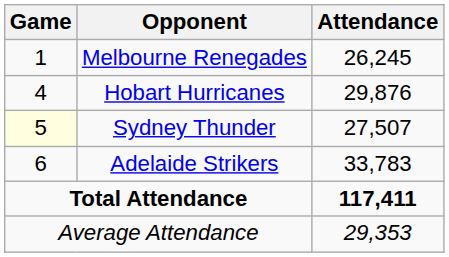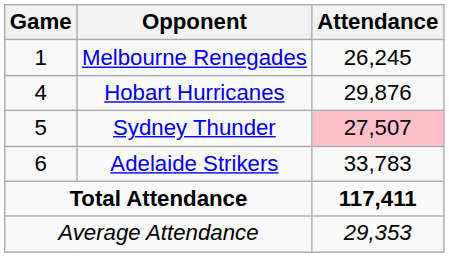 <table class="wikitable sortable" style="text-align:center;">
 <tr>
 <th>Game</th>
 <th>Opponent</th>
 <th>Attendance</th>
 </tr>
 <tr>
 <td>1</td>
 <td><a href='#'>Melbourne Renegades</a></td>
 <td>26,245</td>
 </tr>
 <tr>
 <td>4</td>
 <td><a href='#'>Hobart Hurricanes</a></td>
 <td>29,876</td>
 </tr>
 <tr>
-<td style="background: lightyellow;">5</td>
+<td>5</td>
 <td><a href='#'>Sydney Thunder</a></td>
-<td>27,507</td>
+<td style="background: pink;">27,507</td>
 </tr>
 <tr>
 <td>6</td>
 <td><a href='#'>Adelaide Strikers</a></td>
 <td>33,783</td>
 </tr>
 <tr class="sortbottom">
 <td colspan="2"><strong>Total Attendance</strong></td>
 <td><strong>117,411</strong></td>
 </tr>
 <tr class="sortbottom">
 <td colspan="2"><em>Average Attendance</em></td>
 <td><em>29,353</em></td>
 </tr>
 </table>
